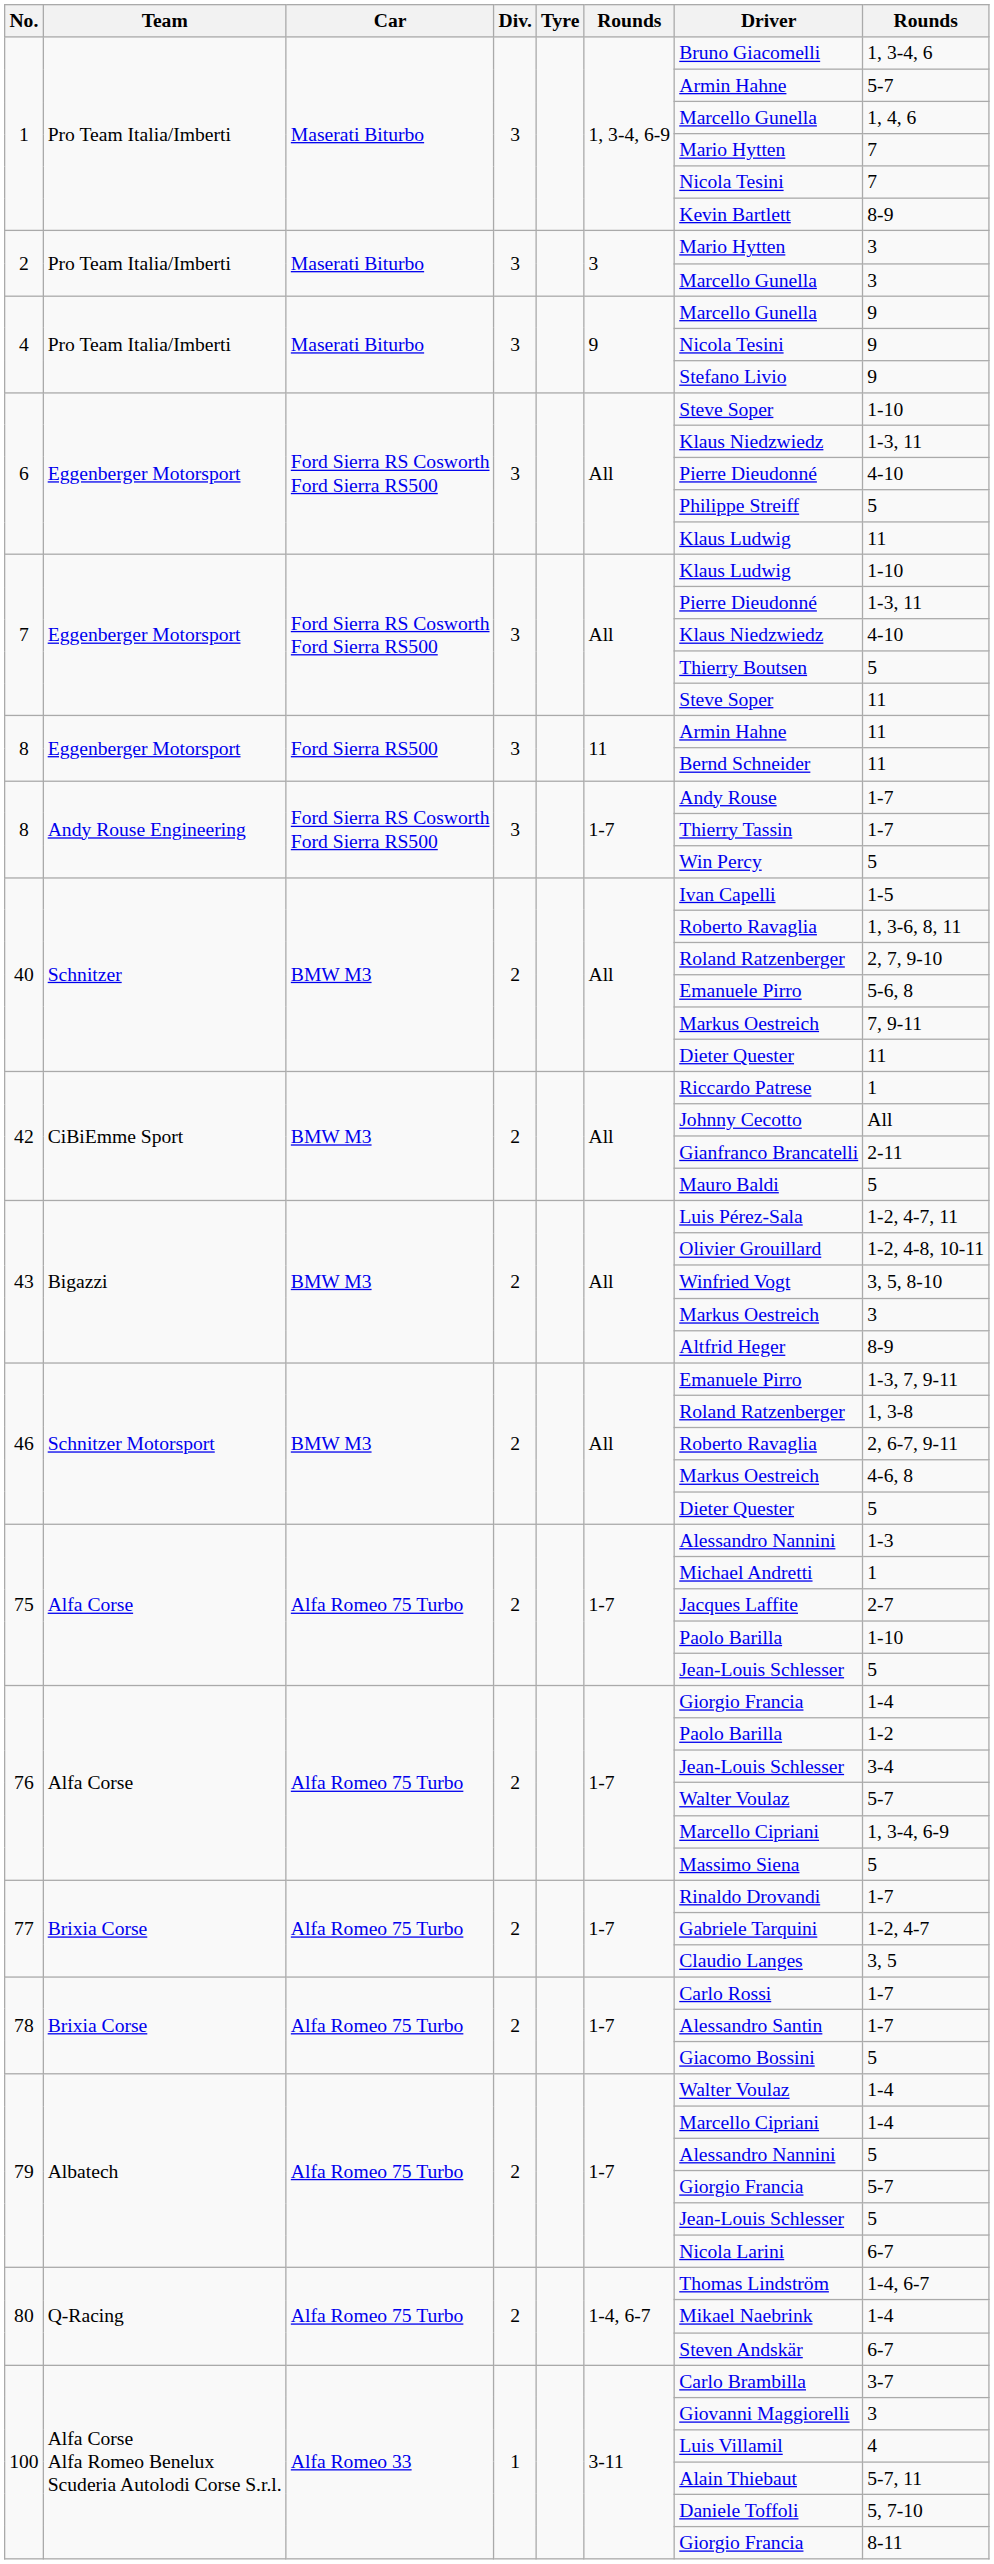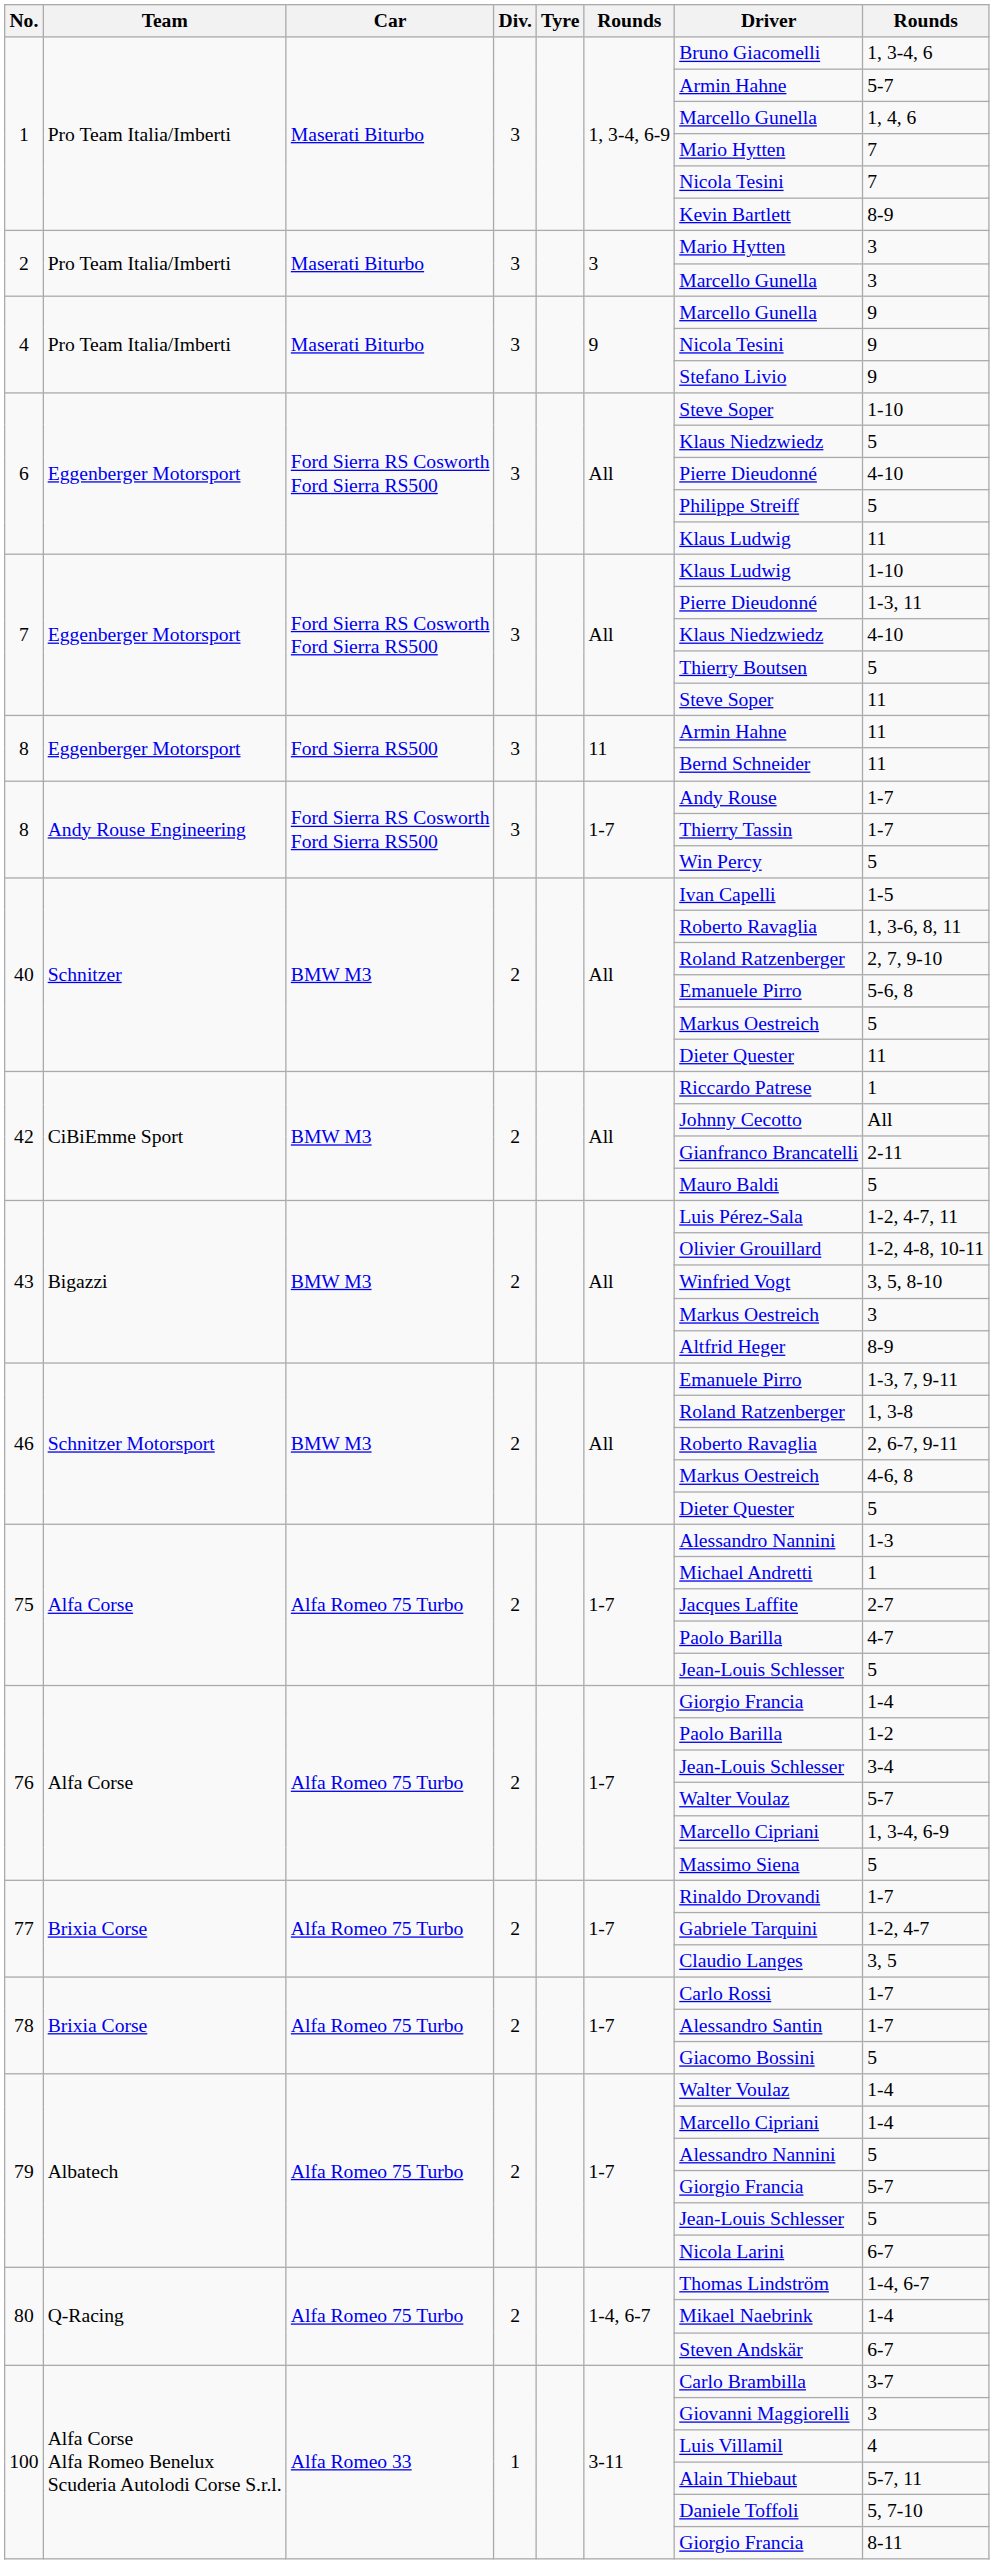 <table class="wikitable" style="font-size: 95%;">
 <tr style="background:#efefef">
 <th>No.</th>
 <th>Team</th>
 <th>Car</th>
 <th>Div.</th>
 <th>Tyre</th>
 <th>Rounds</th>
 <th>Driver</th>
 <th>Rounds</th>
 </tr>
 <tr>
 <td rowspan=6 align=center>1</td>
 <td rowspan=6> Pro Team Italia/Imberti</td>
 <td rowspan=6><a href='#'>Maserati Biturbo</a></td>
 <td rowspan=6 align=center>3</td>
 <td rowspan=6></td>
 <td rowspan=6>1, 3-4, 6-9</td>
 <td> <a href='#'>Bruno Giacomelli</a></td>
 <td>1, 3-4, 6</td>
 </tr>
 <tr>
 <td> <a href='#'>Armin Hahne</a></td>
 <td>5-7</td>
 </tr>
 <tr>
 <td> <a href='#'>Marcello Gunella</a></td>
 <td>1, 4, 6</td>
 </tr>
 <tr>
 <td> <a href='#'>Mario Hytten</a></td>
 <td>7</td>
 </tr>
 <tr>
 <td> <a href='#'>Nicola Tesini</a></td>
 <td>7</td>
 </tr>
 <tr>
 <td> <a href='#'>Kevin Bartlett</a></td>
 <td>8-9</td>
 </tr>
 <tr>
 <td rowspan=2 align=center>2</td>
 <td rowspan=2> Pro Team Italia/Imberti</td>
 <td rowspan=2><a href='#'>Maserati Biturbo</a></td>
 <td rowspan=2 align=center>3</td>
 <td rowspan=2></td>
 <td rowspan=2>3</td>
 <td> <a href='#'>Mario Hytten</a></td>
 <td>3</td>
 </tr>
 <tr>
 <td> <a href='#'>Marcello Gunella</a></td>
 <td>3</td>
 </tr>
 <tr>
 <td rowspan=3 align=center>4</td>
 <td rowspan=3> Pro Team Italia/Imberti</td>
 <td rowspan=3><a href='#'>Maserati Biturbo</a></td>
 <td rowspan=3 align=center>3</td>
 <td rowspan=3></td>
 <td rowspan=3>9</td>
 <td> <a href='#'>Marcello Gunella</a></td>
 <td>9</td>
 </tr>
 <tr>
 <td> <a href='#'>Nicola Tesini</a></td>
 <td>9</td>
 </tr>
 <tr>
 <td> <a href='#'>Stefano Livio</a></td>
 <td>9</td>
 </tr>
 <tr>
 <td rowspan=5 align=center>6</td>
 <td rowspan=5> <a href='#'>Eggenberger Motorsport</a></td>
 <td rowspan=5><a href='#'>Ford Sierra RS Cosworth</a><br><a href='#'>Ford Sierra RS500</a></td>
 <td rowspan=5 align=center>3</td>
 <td rowspan=5></td>
 <td rowspan=5>All</td>
 <td> <a href='#'>Steve Soper</a></td>
 <td>1-10</td>
 </tr>
 <tr>
 <td> <a href='#'>Klaus Niedzwiedz</a></td>
-<td>1-3, 11</td>
+<td>5</td>
 </tr>
 <tr>
 <td> <a href='#'>Pierre Dieudonné</a></td>
 <td>4-10</td>
 </tr>
 <tr>
 <td> <a href='#'>Philippe Streiff</a></td>
 <td>5</td>
 </tr>
 <tr>
 <td> <a href='#'>Klaus Ludwig</a></td>
 <td>11</td>
 </tr>
 <tr>
 <td rowspan=5 align=center>7</td>
 <td rowspan=5> <a href='#'>Eggenberger Motorsport</a></td>
 <td rowspan=5><a href='#'>Ford Sierra RS Cosworth</a><br><a href='#'>Ford Sierra RS500</a></td>
 <td rowspan=5 align=center>3</td>
 <td rowspan=5></td>
 <td rowspan=5>All</td>
 <td> <a href='#'>Klaus Ludwig</a></td>
 <td>1-10</td>
 </tr>
 <tr>
 <td> <a href='#'>Pierre Dieudonné</a></td>
 <td>1-3, 11</td>
 </tr>
 <tr>
 <td> <a href='#'>Klaus Niedzwiedz</a></td>
 <td>4-10</td>
 </tr>
 <tr>
 <td> <a href='#'>Thierry Boutsen</a></td>
 <td>5</td>
 </tr>
 <tr>
 <td> <a href='#'>Steve Soper</a></td>
 <td>11</td>
 </tr>
 <tr>
 <td rowspan=2 align=center>8</td>
 <td rowspan=2> <a href='#'>Eggenberger Motorsport</a></td>
 <td rowspan=2><a href='#'>Ford Sierra RS500</a></td>
 <td rowspan=2 align=center>3</td>
 <td rowspan=2></td>
 <td rowspan=2>11</td>
 <td> <a href='#'>Armin Hahne</a></td>
 <td>11</td>
 </tr>
 <tr>
 <td> <a href='#'>Bernd Schneider</a></td>
 <td>11</td>
 </tr>
 <tr>
 <td rowspan=3 align=center>8</td>
 <td rowspan=3> <a href='#'>Andy Rouse Engineering</a></td>
 <td rowspan=3><a href='#'>Ford Sierra RS Cosworth</a><br><a href='#'>Ford Sierra RS500</a></td>
 <td rowspan=3 align=center>3</td>
 <td rowspan=3></td>
 <td rowspan=3>1-7</td>
 <td> <a href='#'>Andy Rouse</a></td>
 <td>1-7</td>
 </tr>
 <tr>
 <td> <a href='#'>Thierry Tassin</a></td>
 <td>1-7</td>
 </tr>
 <tr>
 <td> <a href='#'>Win Percy</a></td>
 <td>5</td>
 </tr>
 <tr>
 <td rowspan=6 align=center>40</td>
 <td rowspan=6> <a href='#'>Schnitzer</a></td>
 <td rowspan=6><a href='#'>BMW M3</a></td>
 <td rowspan=6 align=center>2</td>
 <td rowspan=6></td>
 <td rowspan=6>All</td>
 <td> <a href='#'>Ivan Capelli</a></td>
 <td>1-5</td>
 </tr>
 <tr>
 <td> <a href='#'>Roberto Ravaglia</a></td>
 <td>1, 3-6, 8, 11</td>
 </tr>
 <tr>
 <td> <a href='#'>Roland Ratzenberger</a></td>
 <td>2, 7, 9-10</td>
 </tr>
 <tr>
 <td> <a href='#'>Emanuele Pirro</a></td>
 <td>5-6, 8</td>
 </tr>
 <tr>
 <td> <a href='#'>Markus Oestreich</a></td>
-<td>7, 9-11</td>
+<td>5</td>
 </tr>
 <tr>
 <td> <a href='#'>Dieter Quester</a></td>
 <td>11</td>
 </tr>
 <tr>
 <td rowspan=4 align=center>42</td>
 <td rowspan=4> CiBiEmme Sport</td>
 <td rowspan=4><a href='#'>BMW M3</a></td>
 <td rowspan=4 align=center>2</td>
 <td rowspan=4></td>
 <td rowspan=4>All</td>
 <td> <a href='#'>Riccardo Patrese</a></td>
 <td>1</td>
 </tr>
 <tr>
 <td> <a href='#'>Johnny Cecotto</a></td>
 <td>All</td>
 </tr>
 <tr>
 <td> <a href='#'>Gianfranco Brancatelli</a></td>
 <td>2-11</td>
 </tr>
 <tr>
 <td> <a href='#'>Mauro Baldi</a></td>
 <td>5</td>
 </tr>
 <tr>
 <td rowspan=5 align=center>43</td>
 <td rowspan=5> Bigazzi</td>
 <td rowspan=5><a href='#'>BMW M3</a></td>
 <td rowspan=5 align=center>2</td>
 <td rowspan=5></td>
 <td rowspan=5>All</td>
 <td> <a href='#'>Luis Pérez-Sala</a></td>
 <td>1-2, 4-7, 11</td>
 </tr>
 <tr>
 <td> <a href='#'>Olivier Grouillard</a></td>
 <td>1-2, 4-8, 10-11</td>
 </tr>
 <tr>
 <td> <a href='#'>Winfried Vogt</a></td>
 <td>3, 5, 8-10</td>
 </tr>
 <tr>
 <td> <a href='#'>Markus Oestreich</a></td>
 <td>3</td>
 </tr>
 <tr>
 <td> <a href='#'>Altfrid Heger</a></td>
 <td>8-9</td>
 </tr>
 <tr>
 <td rowspan=5 align=center>46</td>
 <td rowspan=5> <a href='#'>Schnitzer Motorsport</a></td>
 <td rowspan=5><a href='#'>BMW M3</a></td>
 <td rowspan=5 align=center>2</td>
 <td rowspan=5></td>
 <td rowspan=5>All</td>
 <td> <a href='#'>Emanuele Pirro</a></td>
 <td>1-3, 7, 9-11</td>
 </tr>
 <tr>
 <td> <a href='#'>Roland Ratzenberger</a></td>
 <td>1, 3-8</td>
 </tr>
 <tr>
 <td> <a href='#'>Roberto Ravaglia</a></td>
 <td>2, 6-7, 9-11</td>
 </tr>
 <tr>
 <td> <a href='#'>Markus Oestreich</a></td>
 <td>4-6, 8</td>
 </tr>
 <tr>
 <td> <a href='#'>Dieter Quester</a></td>
 <td>5</td>
 </tr>
 <tr>
 <td rowspan=5 align=center>75</td>
 <td rowspan=5> <a href='#'>Alfa Corse</a></td>
 <td rowspan=5><a href='#'>Alfa Romeo 75 Turbo</a></td>
 <td rowspan=5 align=center>2</td>
 <td rowspan=5></td>
 <td rowspan=5>1-7</td>
 <td> <a href='#'>Alessandro Nannini</a></td>
 <td>1-3</td>
 </tr>
 <tr>
 <td> <a href='#'>Michael Andretti</a></td>
 <td>1</td>
 </tr>
 <tr>
 <td> <a href='#'>Jacques Laffite</a></td>
 <td>2-7</td>
 </tr>
 <tr>
 <td> <a href='#'>Paolo Barilla</a></td>
-<td>1-10</td>
+<td>4-7</td>
 </tr>
 <tr>
 <td> <a href='#'>Jean-Louis Schlesser</a></td>
 <td>5</td>
 </tr>
 <tr>
 <td rowspan=6 align=center>76</td>
 <td rowspan=6> Alfa Corse</td>
 <td rowspan=6><a href='#'>Alfa Romeo 75 Turbo</a></td>
 <td rowspan=6 align=center>2</td>
 <td rowspan=6></td>
 <td rowspan=6>1-7</td>
 <td> <a href='#'>Giorgio Francia</a></td>
 <td>1-4</td>
 </tr>
 <tr>
 <td> <a href='#'>Paolo Barilla</a></td>
 <td>1-2</td>
 </tr>
 <tr>
 <td> <a href='#'>Jean-Louis Schlesser</a></td>
 <td>3-4</td>
 </tr>
 <tr>
 <td> <a href='#'>Walter Voulaz</a></td>
 <td>5-7</td>
 </tr>
 <tr>
 <td> <a href='#'>Marcello Cipriani</a></td>
 <td>1, 3-4, 6-9</td>
 </tr>
 <tr>
 <td> <a href='#'>Massimo Siena</a></td>
 <td>5</td>
 </tr>
 <tr>
 <td rowspan=3 align=center>77</td>
 <td rowspan=3> <a href='#'>Brixia Corse</a></td>
 <td rowspan=3><a href='#'>Alfa Romeo 75 Turbo</a></td>
 <td rowspan=3 align=center>2</td>
 <td rowspan=3></td>
 <td rowspan=3>1-7</td>
 <td> <a href='#'>Rinaldo Drovandi</a></td>
 <td>1-7</td>
 </tr>
 <tr>
 <td> <a href='#'>Gabriele Tarquini</a></td>
 <td>1-2, 4-7</td>
 </tr>
 <tr>
 <td> <a href='#'>Claudio Langes</a></td>
 <td>3, 5</td>
 </tr>
 <tr>
 <td rowspan=3 align=center>78</td>
 <td rowspan=3> <a href='#'>Brixia Corse</a></td>
 <td rowspan=3><a href='#'>Alfa Romeo 75 Turbo</a></td>
 <td rowspan=3 align=center>2</td>
 <td rowspan=3></td>
 <td rowspan=3>1-7</td>
 <td> <a href='#'>Carlo Rossi</a></td>
 <td>1-7</td>
 </tr>
 <tr>
 <td> <a href='#'>Alessandro Santin</a></td>
 <td>1-7</td>
 </tr>
 <tr>
 <td> <a href='#'>Giacomo Bossini</a></td>
 <td>5</td>
 </tr>
 <tr>
 <td rowspan=6 align=center>79</td>
 <td rowspan=6> Albatech</td>
 <td rowspan=6><a href='#'>Alfa Romeo 75 Turbo</a></td>
 <td rowspan=6 align=center>2</td>
 <td rowspan=6></td>
 <td rowspan=6>1-7</td>
 <td> <a href='#'>Walter Voulaz</a></td>
 <td>1-4</td>
 </tr>
 <tr>
 <td> <a href='#'>Marcello Cipriani</a></td>
 <td>1-4</td>
 </tr>
 <tr>
 <td> <a href='#'>Alessandro Nannini</a></td>
 <td>5</td>
 </tr>
 <tr>
 <td> <a href='#'>Giorgio Francia</a></td>
 <td>5-7</td>
 </tr>
 <tr>
 <td> <a href='#'>Jean-Louis Schlesser</a></td>
 <td>5</td>
 </tr>
 <tr>
 <td> <a href='#'>Nicola Larini</a></td>
 <td>6-7</td>
 </tr>
 <tr>
 <td rowspan=3 align=center>80</td>
 <td rowspan=3> Q-Racing</td>
 <td rowspan=3><a href='#'>Alfa Romeo 75 Turbo</a></td>
 <td rowspan=3 align=center>2</td>
 <td rowspan=3></td>
 <td rowspan=3>1-4, 6-7</td>
 <td> <a href='#'>Thomas Lindström</a></td>
 <td>1-4, 6-7</td>
 </tr>
 <tr>
 <td> <a href='#'>Mikael Naebrink</a></td>
 <td>1-4</td>
 </tr>
 <tr>
 <td> <a href='#'>Steven Andskär</a></td>
 <td>6-7</td>
 </tr>
 <tr>
 <td rowspan=6 align=center>100</td>
 <td rowspan=6> Alfa Corse<br> Alfa Romeo Benelux<br> Scuderia Autolodi Corse S.r.l.</td>
 <td rowspan=6><a href='#'>Alfa Romeo 33</a></td>
 <td rowspan=6 align=center>1</td>
 <td rowspan=6></td>
 <td rowspan=6>3-11</td>
 <td> <a href='#'>Carlo Brambilla</a></td>
 <td>3-7</td>
 </tr>
 <tr>
 <td> <a href='#'>Giovanni Maggiorelli</a></td>
 <td>3</td>
 </tr>
 <tr>
 <td> <a href='#'>Luis Villamil</a></td>
 <td>4</td>
 </tr>
 <tr>
 <td> <a href='#'>Alain Thiebaut</a></td>
 <td>5-7, 11</td>
 </tr>
 <tr>
 <td> <a href='#'>Daniele Toffoli</a></td>
 <td>5, 7-10</td>
 </tr>
 <tr>
 <td> <a href='#'>Giorgio Francia</a></td>
 <td>8-11</td>
 </tr>
 </table>
